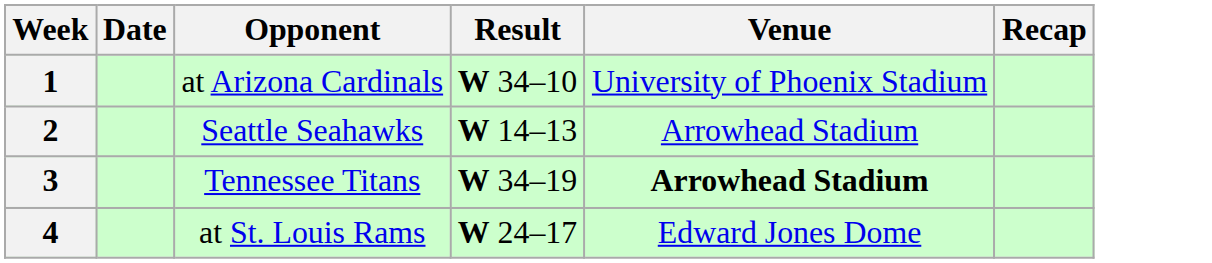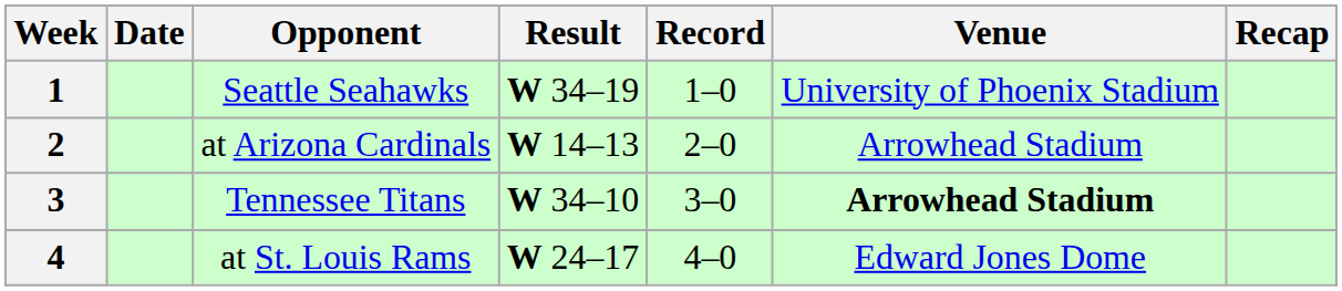 <table class="wikitable" style="text-align:center">
 <tr>
 <th>Week</th>
 <th>Date</th>
 <th>Opponent</th>
 <th>Result</th>
+<th>Record</th>
 <th>Venue</th>
 <th>Recap</th>
 </tr>
 <tr style="background:#cfc">
 <th>1</th>
 <td></td>
-<td>at <a href='#'>Arizona Cardinals</a></td>
-<td><strong>W</strong> 34–10</td>
+<td><a href='#'>Seattle Seahawks</a></td>
+<td><strong>W</strong> 34–19</td>
+<td>1–0</td>
 <td><a href='#'>University of Phoenix Stadium</a></td>
 <td></td>
 </tr>
 <tr style="background:#cfc">
 <th>2</th>
 <td></td>
-<td><a href='#'>Seattle Seahawks</a></td>
+<td>at <a href='#'>Arizona Cardinals</a></td>
 <td><strong>W</strong> 14–13</td>
+<td>2–0</td>
 <td><a href='#'>Arrowhead Stadium</a></td>
 <td></td>
 </tr>
 <tr style="background:#cfc">
 <th>3</th>
 <td></td>
 <td><a href='#'>Tennessee Titans</a></td>
-<td><strong>W</strong> 34–19</td>
+<td><strong>W</strong> 34–10</td>
+<td>3–0</td>
 <td><strong>Arrowhead Stadium</strong></td>
 <td></td>
 </tr>
 <tr style="background:#cfc">
 <th>4</th>
 <td></td>
 <td>at <a href='#'>St. Louis Rams</a></td>
 <td><strong>W</strong> 24–17</td>
+<td>4–0</td>
 <td><a href='#'>Edward Jones Dome</a></td>
 <td></td>
 </tr>
 </table>
